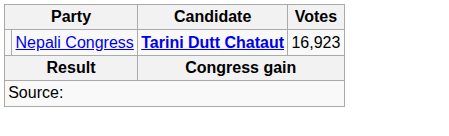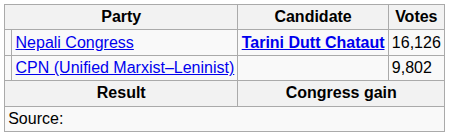 <table class="wikitable">
 <tr>
 <th colspan="2">Party</th>
 <th>Candidate</th>
 <th>Votes</th>
 </tr>
 <tr>
 <td style="background-color:"></td>
 <td><a href='#'>Nepali Congress</a></td>
 <td><strong><a href='#'>Tarini Dutt Chataut</a></strong></td>
-<td>16,923</td>
+<td>16,126</td>
+</tr>
+<tr>
+<td style="background-color:"></td>
+<td><a href='#'>CPN (Unified Marxist–Leninist)</a></td>
+<td></td>
+<td>9,802</td>
 </tr>
 <tr>
 <th colspan="2">Result</th>
 <th colspan="2">Congress gain</th>
 </tr>
 <tr>
 <td colspan="4">Source: </td>
 </tr>
 </table>
